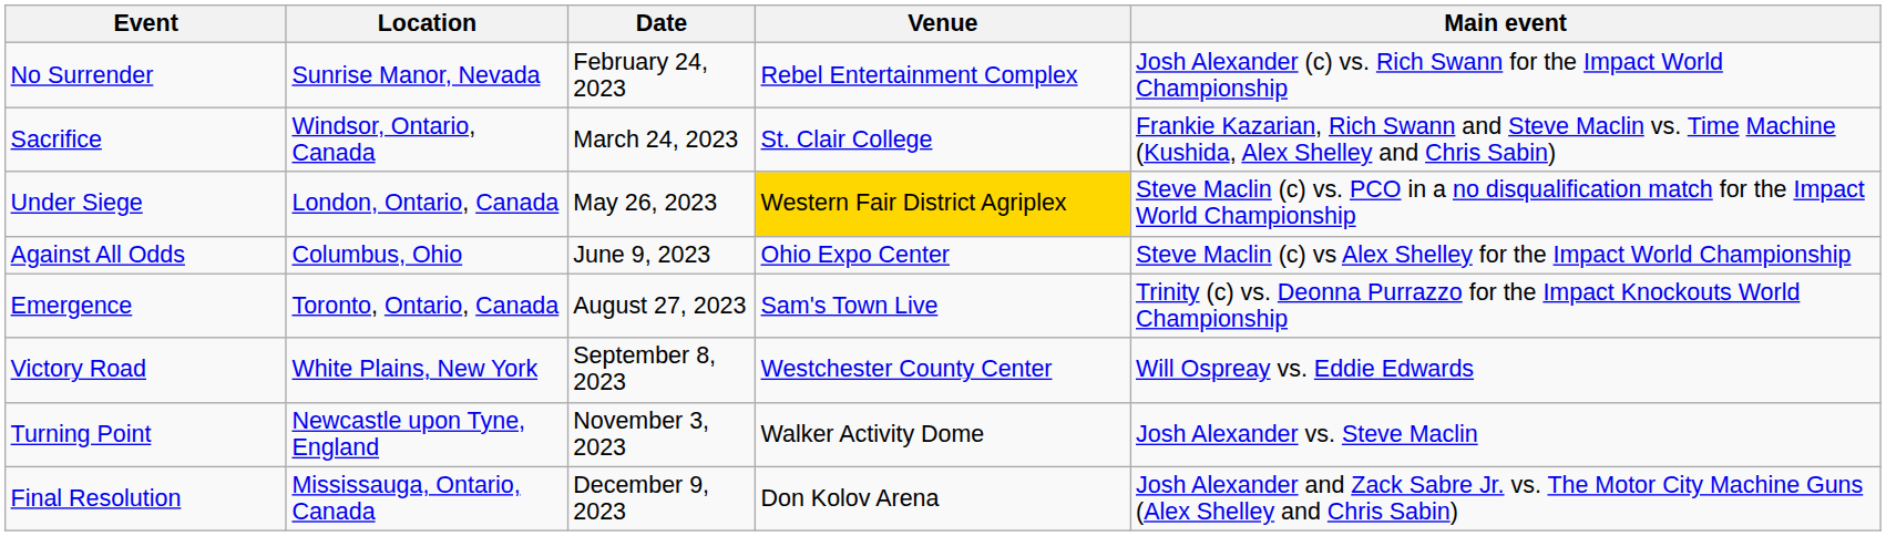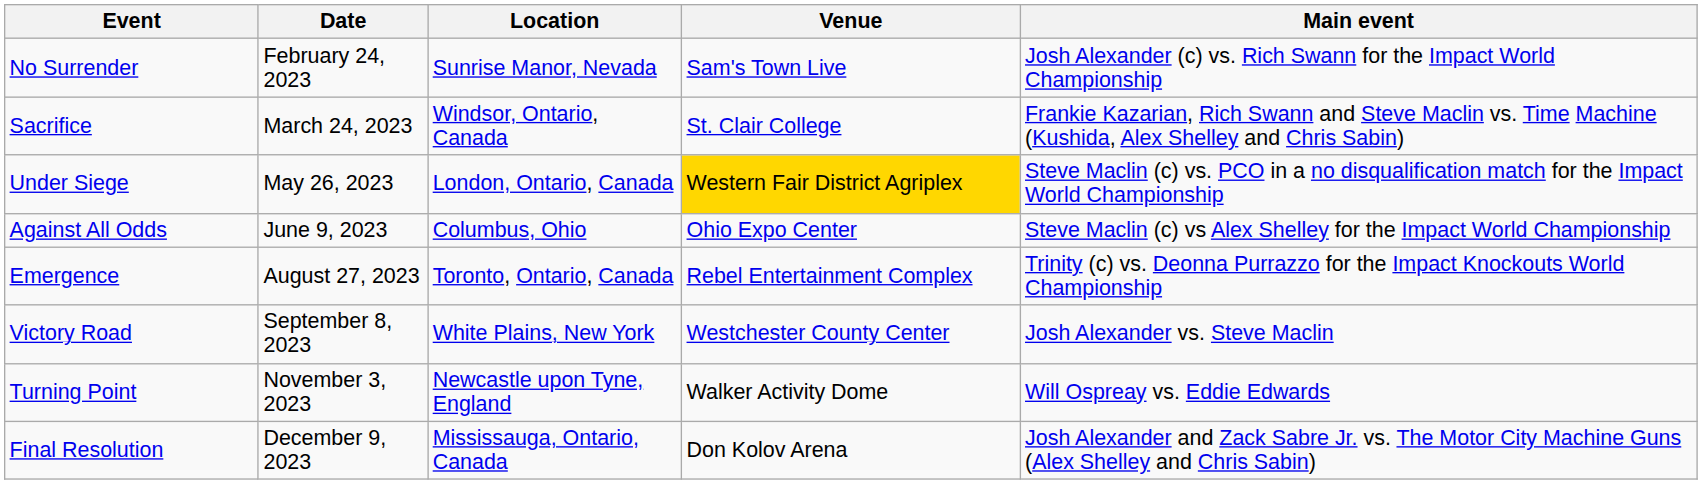 <table class="wikitable sortable" width="100%" style="align: center">
 <tr>
 <th width="15%">Event</th>
+<th width="10%">Date</th>
 <th width="15%">Location</th>
-<th width="10%">Date</th>
 <th width="20%">Venue</th>
 <th width="40%">Main event</th>
 </tr>
 <tr>
 <td><a href='#'>No Surrender</a></td>
+<td>February 24, 2023</td>
 <td><a href='#'>Sunrise Manor, Nevada</a></td>
-<td>February 24, 2023</td>
-<td><a href='#'>Rebel Entertainment Complex</a></td>
+<td><a href='#'>Sam's Town Live</a></td>
 <td><a href='#'>Josh Alexander</a> (c) vs. <a href='#'>Rich Swann</a> for the <a href='#'>Impact World Championship</a></td>
 </tr>
 <tr>
 <td><a href='#'>Sacrifice</a></td>
+<td>March 24, 2023</td>
 <td><a href='#'>Windsor, Ontario</a>, <a href='#'>Canada</a></td>
-<td>March 24, 2023</td>
 <td><a href='#'>St. Clair College</a></td>
 <td><a href='#'>Frankie Kazarian</a>, <a href='#'>Rich Swann</a> and <a href='#'>Steve Maclin</a> vs. <a href='#'>Time</a> <a href='#'>Machine</a> (<a href='#'>Kushida</a>, <a href='#'>Alex Shelley</a> and <a href='#'>Chris Sabin</a>)</td>
 </tr>
 <tr>
 <td><a href='#'>Under Siege</a></td>
+<td>May 26, 2023</td>
 <td><a href='#'>London, Ontario</a>, <a href='#'>Canada</a></td>
-<td>May 26, 2023</td>
 <td style="background: gold;">Western Fair District Agriplex</td>
 <td><a href='#'>Steve Maclin</a> (c) vs. <a href='#'>PCO</a> in a <a href='#'>no disqualification match</a> for the <a href='#'>Impact World Championship</a></td>
 </tr>
 <tr>
 <td><a href='#'>Against All Odds</a></td>
+<td>June 9, 2023</td>
 <td><a href='#'>Columbus, Ohio</a></td>
-<td>June 9, 2023</td>
 <td><a href='#'>Ohio Expo Center</a></td>
 <td><a href='#'>Steve Maclin</a> (c) vs <a href='#'>Alex Shelley</a> for the <a href='#'>Impact World Championship</a></td>
 </tr>
 <tr>
 <td><a href='#'>Emergence</a></td>
+<td>August 27, 2023</td>
 <td><a href='#'>Toronto</a>, <a href='#'>Ontario</a>, <a href='#'>Canada</a></td>
-<td>August 27, 2023</td>
-<td><a href='#'>Sam's Town Live</a></td>
+<td><a href='#'>Rebel Entertainment Complex</a></td>
 <td><a href='#'>Trinity</a> (c) vs. <a href='#'>Deonna Purrazzo</a> for the <a href='#'>Impact Knockouts World Championship</a></td>
 </tr>
 <tr>
 <td><a href='#'>Victory Road</a></td>
+<td>September 8, 2023</td>
 <td><a href='#'>White Plains, New York</a></td>
-<td>September 8, 2023</td>
 <td><a href='#'>Westchester County Center</a></td>
+<td><a href='#'>Josh Alexander</a> vs. <a href='#'>Steve Maclin</a></td>
+</tr>
+<tr>
+<td><a href='#'>Turning Point</a></td>
+<td>November 3, 2023<br></td>
+<td><a href='#'>Newcastle upon Tyne, England</a></td>
+<td>Walker Activity Dome</td>
 <td><a href='#'>Will Ospreay</a> vs. <a href='#'>Eddie Edwards</a></td>
 </tr>
 <tr>
-<td><a href='#'>Turning Point</a></td>
-<td><a href='#'>Newcastle upon Tyne, England</a></td>
-<td>November 3, 2023<br></td>
-<td>Walker Activity Dome</td>
-<td><a href='#'>Josh Alexander</a> vs. <a href='#'>Steve Maclin</a></td>
-</tr>
-<tr>
 <td><a href='#'>Final Resolution</a></td>
+<td>December 9, 2023</td>
 <td><a href='#'>Mississauga, Ontario, Canada</a></td>
-<td>December 9, 2023</td>
 <td>Don Kolov Arena</td>
 <td><a href='#'>Josh Alexander</a> and <a href='#'>Zack Sabre Jr.</a> vs. <a href='#'>The Motor City Machine Guns</a> (<a href='#'>Alex Shelley</a> and <a href='#'>Chris Sabin</a>)</td>
 </tr>
 </table>
